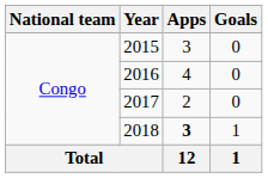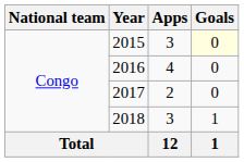 <table class=wikitable style="text-align: center;">
 <tr>
 <th>National team</th>
 <th>Year</th>
 <th>Apps</th>
 <th>Goals</th>
 </tr>
 <tr>
 <td rowspan="4"><a href='#'>Congo</a></td>
 <td>2015</td>
 <td>3</td>
-<td>0</td>
+<td style="background: lightyellow;">0</td>
 </tr>
 <tr>
 <td>2016</td>
 <td>4</td>
 <td>0</td>
 </tr>
 <tr>
 <td>2017</td>
 <td>2</td>
 <td>0</td>
 </tr>
 <tr>
 <td>2018</td>
-<td><strong>3</strong></td>
+<td>3</td>
 <td>1</td>
 </tr>
 <tr>
 <th colspan="2">Total</th>
 <th>12</th>
 <th>1</th>
 </tr>
 </table>
